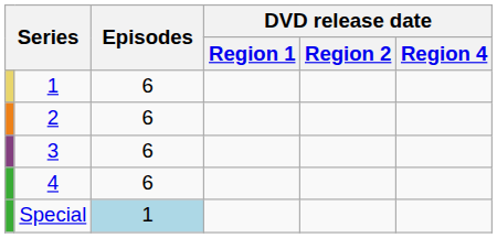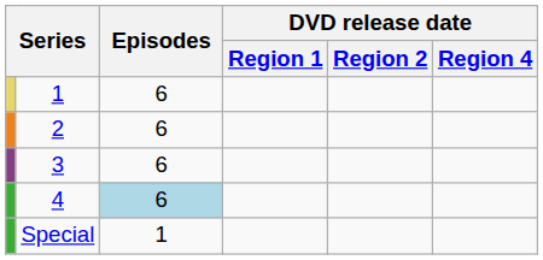 <table class="wikitable plainrowheaders" style="text-align:center">
 <tr>
 <th scope="col" style="padding:0 8px;" colspan="2" rowspan="2">Series</th>
 <th scope="col" style="padding:0 8px;" rowspan="2">Episodes</th>
 <th scope="col" colspan="4">DVD release date</th>
 </tr>
 <tr>
 <th scope="col"><a href='#'>Region 1</a></th>
 <th scope="col"><a href='#'>Region 2</a></th>
 <th scope="col"><a href='#'>Region 4</a></th>
 </tr>
 <tr>
 <td scope="row" style="background-color: #E9D66B;"></td>
 <td><a href='#'>1</a></td>
 <td>6</td>
 <td></td>
 <td></td>
 <td style="padding: 0px 8px"></td>
 </tr>
 <tr>
 <td scope="row" style="background-color: #ee8118;"></td>
 <td><a href='#'>2</a></td>
 <td>6</td>
 <td></td>
 <td></td>
 <td></td>
 </tr>
 <tr>
 <td scope="row" style="background-color: #833F7F;"></td>
 <td><a href='#'>3</a></td>
 <td>6</td>
 <td style="padding: 0px 8px"></td>
 <td></td>
 <td></td>
 </tr>
 <tr>
 <td scope="row" style="background-color: #39AC35;"></td>
 <td><a href='#'>4</a></td>
-<td>6</td>
+<td style="background: lightblue;">6</td>
 <td></td>
 <td style="padding: 0px 8px"></td>
 <td></td>
 </tr>
 <tr>
 <td scope="row" style="background-color: #39AC35;"></td>
 <td><a href='#'>Special</a></td>
-<td style="background: lightblue;">1</td>
+<td>1</td>
 <td></td>
 <td></td>
 <td></td>
 </tr>
 </table>
